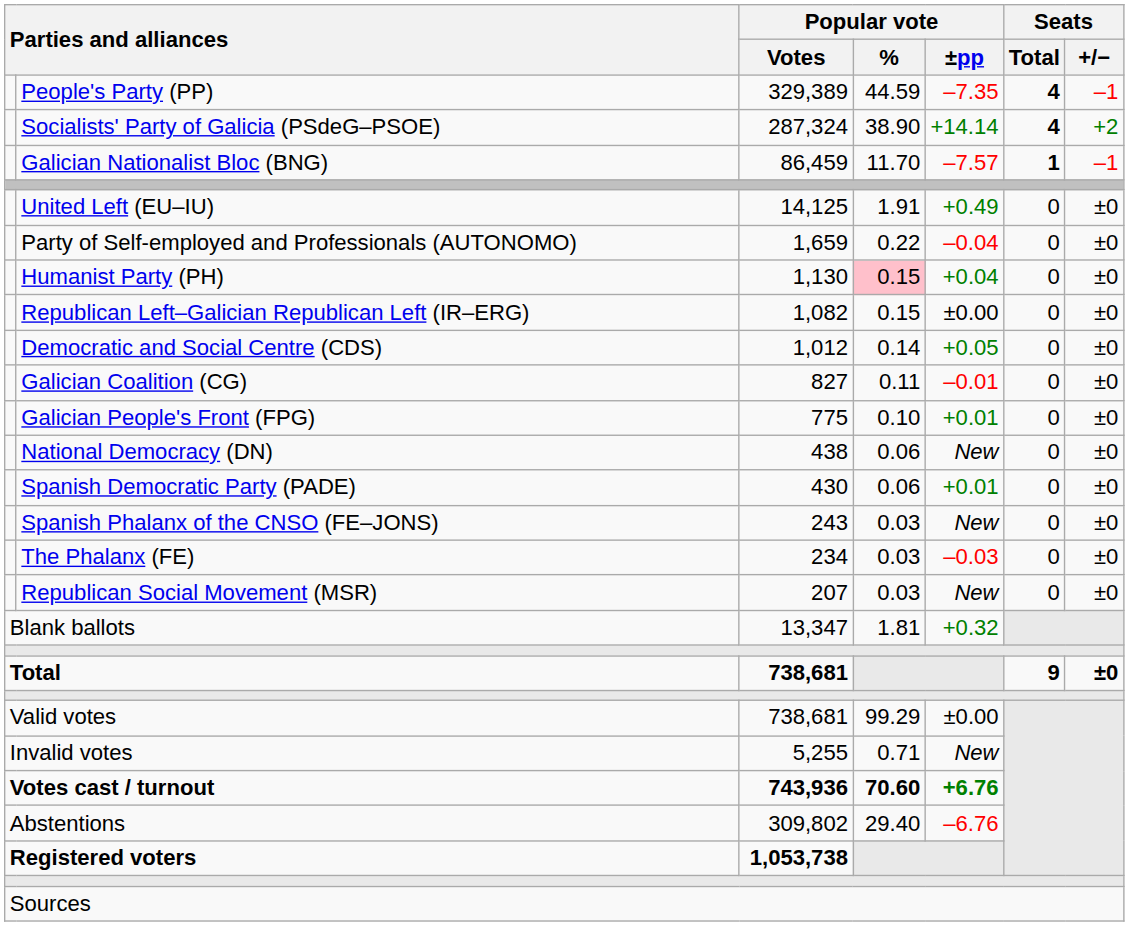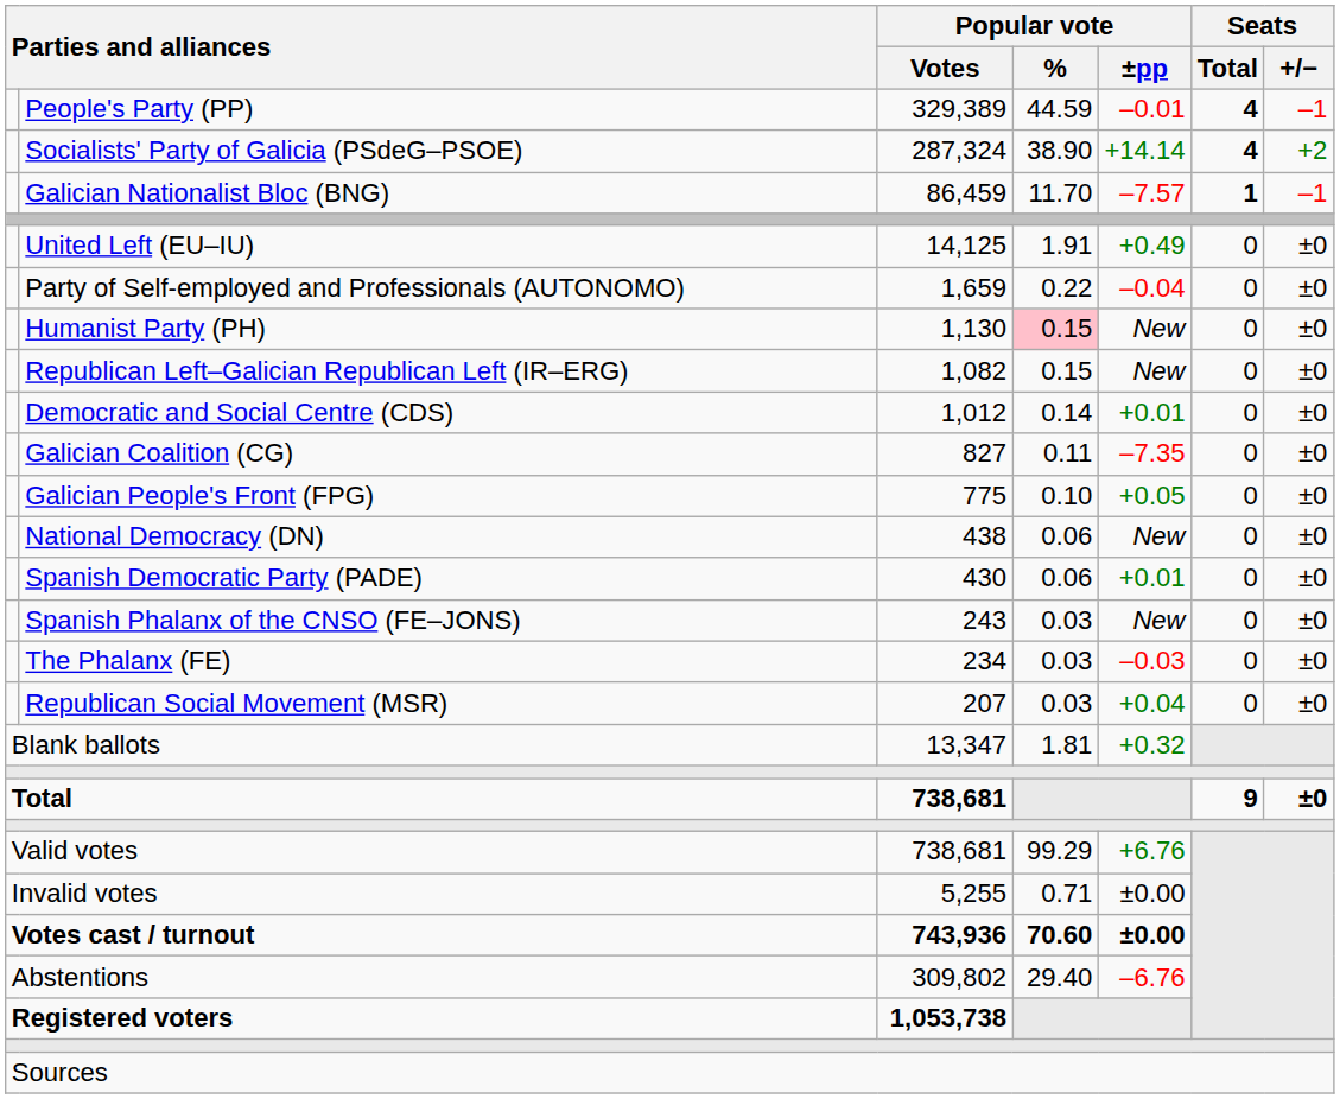 <table class="wikitable" style="text-align:right;">
 <tr>
 <th style="text-align:left;" rowspan="2" colspan="2" width="525">Parties and alliances</th>
 <th colspan="3">Popular vote</th>
 <th colspan="2">Seats</th>
 </tr>
 <tr>
 <th width="75">Votes</th>
 <th width="45">%</th>
 <th width="45">±<a href='#'>pp</a></th>
 <th width="35">Total</th>
 <th width="35">+/−</th>
 </tr>
 <tr>
 <td width="1" style="color:inherit;background:"></td>
 <td align="left"><a href='#'>People's Party</a> (PP)</td>
 <td>329,389</td>
 <td>44.59</td>
-<td style="color:red;">–7.35</td>
+<td style="color:red;">–0.01</td>
 <td><strong>4</strong></td>
 <td style="color:red;">–1</td>
 </tr>
 <tr>
 <td style="color:inherit;background:"></td>
 <td align="left"><a href='#'>Socialists' Party of Galicia</a> (PSdeG–PSOE)</td>
 <td>287,324</td>
 <td>38.90</td>
 <td style="color:green;">+14.14</td>
 <td><strong>4</strong></td>
 <td style="color:green;">+2</td>
 </tr>
 <tr>
 <td style="color:inherit;background:"></td>
 <td align="left"><a href='#'>Galician Nationalist Bloc</a> (BNG)</td>
 <td>86,459</td>
 <td>11.70</td>
 <td style="color:red;">–7.57</td>
 <td><strong>1</strong></td>
 <td style="color:red;">–1</td>
 </tr>
 <tr>
 <td colspan="7" bgcolor="#C0C0C0"></td>
 </tr>
 <tr>
 <td style="color:inherit;background:"></td>
 <td align="left"><a href='#'>United Left</a> (EU–IU)</td>
 <td>14,125</td>
 <td>1.91</td>
 <td style="color:green;">+0.49</td>
 <td>0</td>
 <td>±0</td>
 </tr>
 <tr>
 <td style="color:inherit;background:"></td>
 <td align="left">Party of Self-employed and Professionals (AUTONOMO)</td>
 <td>1,659</td>
 <td>0.22</td>
 <td style="color:red;">–0.04</td>
 <td>0</td>
 <td>±0</td>
 </tr>
 <tr>
 <td style="color:inherit;background:"></td>
 <td align="left"><a href='#'>Humanist Party</a> (PH)</td>
 <td>1,130</td>
 <td style="background: pink;">0.15</td>
-<td style="color:green;">+0.04</td>
+<td><em>New</em></td>
 <td>0</td>
 <td>±0</td>
 </tr>
 <tr>
 <td style="color:inherit;background:"></td>
 <td align="left"><a href='#'>Republican Left–Galician Republican Left</a> (IR–ERG)</td>
 <td>1,082</td>
 <td>0.15</td>
-<td>±0.00</td>
+<td><em>New</em></td>
 <td>0</td>
 <td>±0</td>
 </tr>
 <tr>
 <td style="color:inherit;background:"></td>
 <td align="left"><a href='#'>Democratic and Social Centre</a> (CDS)</td>
 <td>1,012</td>
 <td>0.14</td>
-<td style="color:green;">+0.05</td>
+<td style="color:green;">+0.01</td>
 <td>0</td>
 <td>±0</td>
 </tr>
 <tr>
 <td style="color:inherit;background:"></td>
 <td align="left"><a href='#'>Galician Coalition</a> (CG)</td>
 <td>827</td>
 <td>0.11</td>
-<td style="color:red;">–0.01</td>
+<td style="color:red;">–7.35</td>
 <td>0</td>
 <td>±0</td>
 </tr>
 <tr>
 <td style="color:inherit;background:"></td>
 <td align="left"><a href='#'>Galician People's Front</a> (FPG)</td>
 <td>775</td>
 <td>0.10</td>
-<td style="color:green;">+0.01</td>
+<td style="color:green;">+0.05</td>
 <td>0</td>
 <td>±0</td>
 </tr>
 <tr>
 <td style="color:inherit;background:"></td>
 <td align="left"><a href='#'>National Democracy</a> (DN)</td>
 <td>438</td>
 <td>0.06</td>
 <td><em>New</em></td>
 <td>0</td>
 <td>±0</td>
 </tr>
 <tr>
 <td style="color:inherit;background:"></td>
 <td align="left"><a href='#'>Spanish Democratic Party</a> (PADE)</td>
 <td>430</td>
 <td>0.06</td>
 <td style="color:green;">+0.01</td>
 <td>0</td>
 <td>±0</td>
 </tr>
 <tr>
 <td style="color:inherit;background:"></td>
 <td align="left"><a href='#'>Spanish Phalanx of the CNSO</a> (FE–JONS)</td>
 <td>243</td>
 <td>0.03</td>
 <td><em>New</em></td>
 <td>0</td>
 <td>±0</td>
 </tr>
 <tr>
 <td style="color:inherit;background:"></td>
 <td align="left"><a href='#'>The Phalanx</a> (FE)</td>
 <td>234</td>
 <td>0.03</td>
 <td style="color:red;">–0.03</td>
 <td>0</td>
 <td>±0</td>
 </tr>
 <tr>
 <td style="color:inherit;background:"></td>
 <td align="left"><a href='#'>Republican Social Movement</a> (MSR)</td>
 <td>207</td>
 <td>0.03</td>
-<td><em>New</em></td>
+<td style="color:green;">+0.04</td>
 <td>0</td>
 <td>±0</td>
 </tr>
 <tr>
 <td align="left" colspan="2">Blank ballots</td>
 <td>13,347</td>
 <td>1.81</td>
 <td style="color:green;">+0.32</td>
 <td bgcolor="#E9E9E9" colspan="2"></td>
 </tr>
 <tr>
 <td colspan="7" bgcolor="#E9E9E9"></td>
 </tr>
 <tr style="font-weight:bold;">
 <td align="left" colspan="2">Total</td>
 <td>738,681</td>
 <td bgcolor="#E9E9E9" colspan="2"></td>
 <td>9</td>
 <td>±0</td>
 </tr>
 <tr>
 <td colspan="7" bgcolor="#E9E9E9"></td>
 </tr>
 <tr>
 <td align="left" colspan="2">Valid votes</td>
 <td>738,681</td>
 <td>99.29</td>
-<td>±0.00</td>
+<td style="color:green;">+6.76</td>
 <td bgcolor="#E9E9E9" colspan="2" rowspan="5"></td>
 </tr>
 <tr>
 <td align="left" colspan="2">Invalid votes</td>
 <td>5,255</td>
 <td>0.71</td>
-<td><em>New</em></td>
+<td>±0.00</td>
 </tr>
 <tr style="font-weight:bold;">
 <td align="left" colspan="2">Votes cast / turnout</td>
 <td>743,936</td>
 <td>70.60</td>
-<td style="color:green;">+6.76</td>
+<td>±0.00</td>
 </tr>
 <tr>
 <td align="left" colspan="2">Abstentions</td>
 <td>309,802</td>
 <td>29.40</td>
 <td style="color:red;">–6.76</td>
 </tr>
 <tr style="font-weight:bold;">
 <td align="left" colspan="2">Registered voters</td>
 <td>1,053,738</td>
 <td bgcolor="#E9E9E9" colspan="2"></td>
 </tr>
 <tr>
 <td colspan="7" bgcolor="#E9E9E9"></td>
 </tr>
 <tr>
 <td align="left" colspan="7">Sources</td>
 </tr>
 </table>
